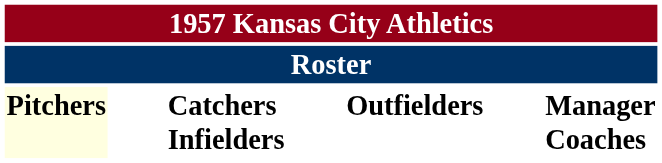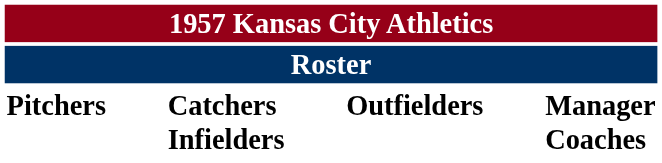 <table class="toccolours" style="font-size: 95%;">
 <tr>
 <th colspan="10" style="background-color: #960018; color: white; text-align: center;">1957 Kansas City Athletics</th>
 </tr>
 <tr>
 <td colspan="10" style="background-color: #003366; color: white; text-align: center;"><strong>Roster</strong></td>
 </tr>
 <tr>
-<td valign="top" style="background: lightyellow;"><strong>Pitchers</strong><br>                   </td>
+<td valign="top"><strong>Pitchers</strong><br>                   </td>
 <td width="25px"></td>
 <td valign="top"><strong>Catchers</strong><br>  <strong>Infielders</strong>         </td>
 <td width="25px"></td>
 <td valign="top"><strong>Outfielders</strong><br>      </td>
 <td width="25px"></td>
 <td valign="top"><strong>Manager</strong><br>  <strong>Coaches</strong>    </td>
 </tr>
 </table>
